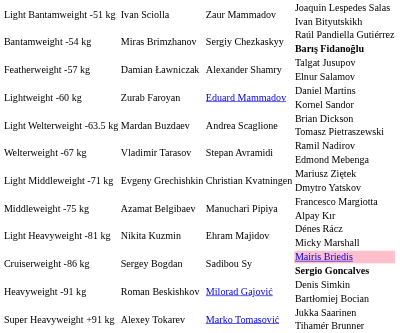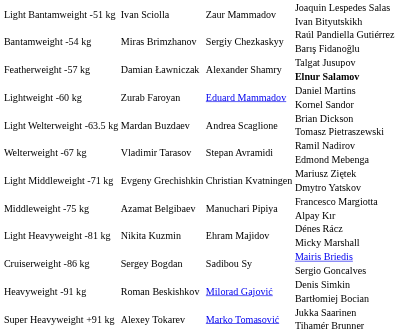 <table>
 <tr>
 <td rowspan=2>Light Bantamweight -51 kg<br></td>
 <td rowspan=2>Ivan Sciolla </td>
 <td rowspan=2>Zaur Mammadov </td>
 <td>Joaquin Lespedes Salas </td>
 </tr>
 <tr>
 <td>Ivan Bityutskikh </td>
 </tr>
 <tr>
 <td rowspan=2>Bantamweight -54 kg<br></td>
 <td rowspan=2>Miras Brimzhanov </td>
 <td rowspan=2>Sergiy Chezkaskyy </td>
 <td>Raúl Pandiella Gutiérrez </td>
 </tr>
 <tr>
-<td><strong>Barış Fidanoğlu </strong></td>
+<td>Barış Fidanoğlu </td>
 </tr>
 <tr>
 <td rowspan=2>Featherweight -57 kg<br></td>
 <td rowspan=2>Damian Ławniczak </td>
 <td rowspan=2>Alexander Shamry </td>
 <td>Talgat Jusupov </td>
 </tr>
 <tr>
-<td>Elnur Salamov </td>
+<td><strong>Elnur Salamov </strong></td>
 </tr>
 <tr>
 <td rowspan=2>Lightweight -60 kg<br></td>
 <td rowspan=2>Zurab Faroyan </td>
 <td rowspan=2><a href='#'>Eduard Mammadov</a> </td>
 <td>Daniel Martins </td>
 </tr>
 <tr>
 <td>Kornel Sandor </td>
 </tr>
 <tr>
 <td rowspan=2>Light Welterweight -63.5 kg<br></td>
 <td rowspan=2>Mardan Buzdaev </td>
 <td rowspan=2>Andrea Scaglione </td>
 <td>Brian Dickson </td>
 </tr>
 <tr>
 <td>Tomasz Pietraszewski </td>
 </tr>
 <tr>
 <td rowspan=2>Welterweight -67 kg<br></td>
 <td rowspan=2>Vladimir Tarasov </td>
 <td rowspan=2>Stepan Avramidi </td>
 <td>Ramil Nadirov </td>
 </tr>
 <tr>
 <td>Edmond Mebenga </td>
 </tr>
 <tr>
 <td rowspan=2>Light Middleweight -71 kg<br></td>
 <td rowspan=2>Evgeny Grechishkin </td>
 <td rowspan=2>Christian Kvatningen </td>
 <td>Mariusz Ziętek </td>
 </tr>
 <tr>
 <td>Dmytro Yatskov </td>
 </tr>
 <tr>
 <td rowspan=2>Middleweight -75 kg<br></td>
 <td rowspan=2>Azamat Belgibaev </td>
 <td rowspan=2>Manuchari Pipiya </td>
 <td>Francesco Margiotta </td>
 </tr>
 <tr>
 <td>Alpay Kır </td>
 </tr>
 <tr>
 <td rowspan=2>Light Heavyweight -81 kg<br></td>
 <td rowspan=2>Nikita Kuzmin </td>
 <td rowspan=2>Ehram Majidov </td>
 <td>Dénes Rácz </td>
 </tr>
 <tr>
 <td>Micky Marshall </td>
 </tr>
 <tr>
 <td rowspan=2>Cruiserweight -86 kg<br></td>
 <td rowspan=2>Sergey Bogdan </td>
 <td rowspan=2>Sadibou Sy </td>
-<td style="background: pink;"><a href='#'>Mairis Briedis</a> </td>
+<td><a href='#'>Mairis Briedis</a> </td>
 </tr>
 <tr>
-<td><strong>Sergio Goncalves </strong></td>
+<td>Sergio Goncalves </td>
 </tr>
 <tr>
 <td rowspan=2>Heavyweight -91 kg<br></td>
 <td rowspan=2>Roman Beskishkov </td>
 <td rowspan=2><a href='#'>Milorad Gajović</a> </td>
 <td>Denis Simkin </td>
 </tr>
 <tr>
 <td>Bartłomiej Bocian </td>
 </tr>
 <tr>
 <td rowspan=2>Super Heavyweight +91 kg<br></td>
 <td rowspan=2>Alexey Tokarev </td>
 <td rowspan=2><a href='#'>Marko Tomasović</a> </td>
 <td>Jukka Saarinen </td>
 </tr>
 <tr>
 <td>Tihamér Brunner </td>
 </tr>
 <tr>
 </tr>
 </table>
